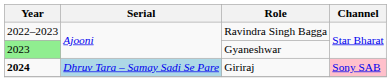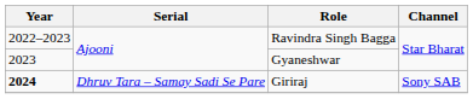 <table class = "wikitable sortable">
 <tr>
 <th>Year</th>
 <th>Serial</th>
 <th>Role</th>
 <th>Channel</th>
 </tr>
 <tr>
 <td>2022–2023</td>
 <td rowspan = "2"><em><a href='#'>Ajooni</a></em></td>
 <td>Ravindra Singh Bagga</td>
 <td rowspan = "2"><a href='#'>Star Bharat</a></td>
 </tr>
 <tr>
-<td style="background: lightgreen;">2023</td>
+<td>2023</td>
 <td>Gyaneshwar</td>
 </tr>
 <tr>
 <td><strong>2024</strong></td>
-<td style="background: lightblue;"><em><a href='#'>Dhruv Tara – Samay Sadi Se Pare</a></em></td>
+<td><em><a href='#'>Dhruv Tara – Samay Sadi Se Pare</a></em></td>
 <td>Giriraj</td>
-<td style="background: pink;"><a href='#'>Sony SAB</a></td>
+<td><a href='#'>Sony SAB</a></td>
 </tr>
 <tr>
 </tr>
 </table>
